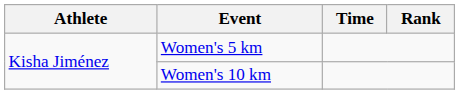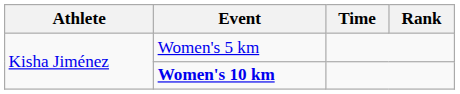 <table class="wikitable" style="text-align:center; font-size:90%; width:30%;">
 <tr>
 <th>Athlete</th>
 <th>Event</th>
 <th>Time</th>
 <th>Rank</th>
 </tr>
 <tr>
 <td align=left rowspan=2><a href='#'>Kisha Jiménez</a></td>
 <td align=left><a href='#'>Women's 5 km</a></td>
 <td colspan=2></td>
 </tr>
 <tr>
-<td align=left><a href='#'>Women's 10 km</a></td>
+<td align=left><strong><a href='#'>Women's 10 km</a></strong></td>
 <td colspan=2></td>
 </tr>
 </table>
